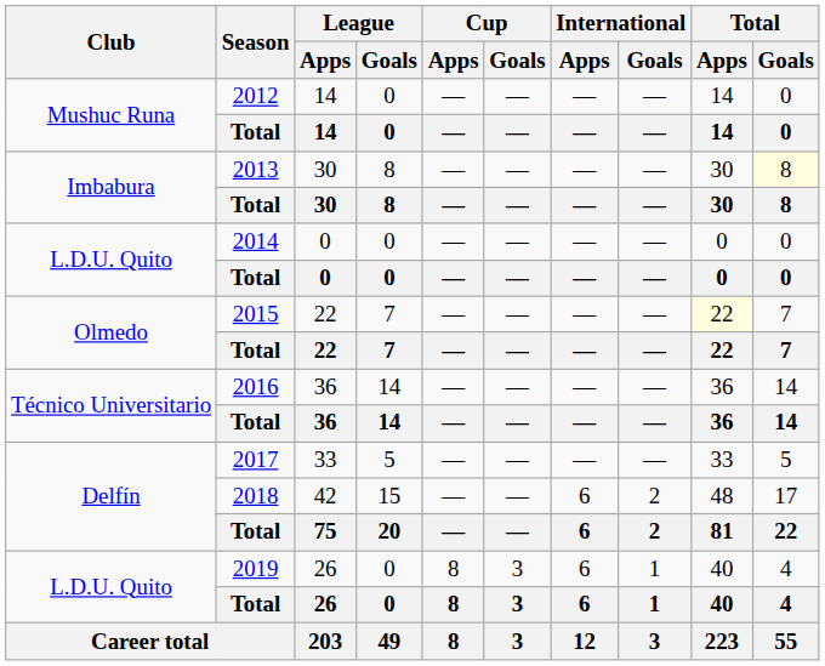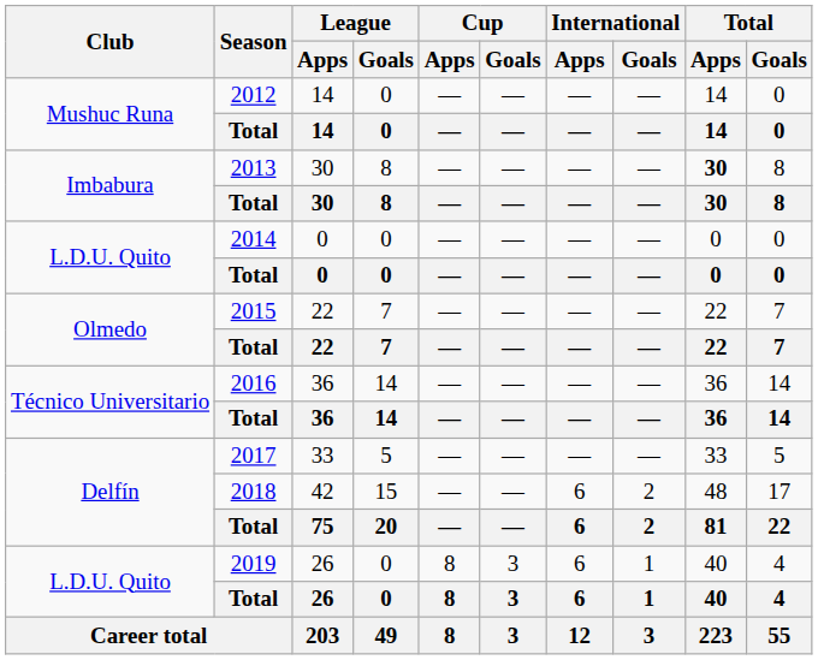 <table class="wikitable" style="text-align: center;">
 <tr>
 <th rowspan="2">Club</th>
 <th rowspan="2">Season</th>
 <th colspan="2">League</th>
 <th colspan="2">Cup</th>
 <th colspan="2">International</th>
 <th colspan="2">Total</th>
 </tr>
 <tr>
 <th>Apps</th>
 <th>Goals</th>
 <th>Apps</th>
 <th>Goals</th>
 <th>Apps</th>
 <th>Goals</th>
 <th>Apps</th>
 <th>Goals</th>
 </tr>
 <tr>
 <td rowspan="2"><a href='#'>Mushuc Runa</a></td>
 <td><a href='#'>2012</a></td>
 <td>14</td>
 <td>0</td>
 <td>—</td>
 <td>—</td>
 <td>—</td>
 <td>—</td>
 <td>14</td>
 <td>0</td>
 </tr>
 <tr>
 <th>Total</th>
 <th>14</th>
 <th>0</th>
 <th>—</th>
 <th>—</th>
 <th>—</th>
 <th>—</th>
 <th>14</th>
 <th>0</th>
 </tr>
 <tr>
 <td rowspan="2"><a href='#'>Imbabura</a></td>
 <td><a href='#'>2013</a></td>
 <td>30</td>
 <td>8</td>
 <td>—</td>
 <td>—</td>
 <td>—</td>
 <td>—</td>
-<td>30</td>
-<td style="background: lightyellow;">8</td>
+<td><strong>30</strong></td>
+<td>8</td>
 </tr>
 <tr>
 <th>Total</th>
 <th>30</th>
 <th>8</th>
 <th>—</th>
 <th>—</th>
 <th>—</th>
 <th>—</th>
 <th>30</th>
 <th>8</th>
 </tr>
 <tr>
 <td rowspan="2"><a href='#'>L.D.U. Quito</a></td>
 <td><a href='#'>2014</a></td>
 <td>0</td>
 <td>0</td>
 <td>—</td>
 <td>—</td>
 <td>—</td>
 <td>—</td>
 <td>0</td>
 <td>0</td>
 </tr>
 <tr>
 <th>Total</th>
 <th>0</th>
 <th>0</th>
 <th>—</th>
 <th>—</th>
 <th>—</th>
 <th>—</th>
 <th>0</th>
 <th>0</th>
 </tr>
 <tr>
 <td rowspan="2"><a href='#'>Olmedo</a></td>
 <td><a href='#'>2015</a></td>
 <td>22</td>
 <td>7</td>
 <td>—</td>
 <td>—</td>
 <td>—</td>
 <td>—</td>
-<td style="background: lightyellow;">22</td>
+<td>22</td>
 <td>7</td>
 </tr>
 <tr>
 <th>Total</th>
 <th>22</th>
 <th>7</th>
 <th>—</th>
 <th>—</th>
 <th>—</th>
 <th>—</th>
 <th>22</th>
 <th>7</th>
 </tr>
 <tr>
 <td rowspan="2"><a href='#'>Técnico Universitario</a></td>
 <td><a href='#'>2016</a></td>
 <td>36</td>
 <td>14</td>
 <td>—</td>
 <td>—</td>
 <td>—</td>
 <td>—</td>
 <td>36</td>
 <td>14</td>
 </tr>
 <tr>
 <th>Total</th>
 <th>36</th>
 <th>14</th>
 <th>—</th>
 <th>—</th>
 <th>—</th>
 <th>—</th>
 <th>36</th>
 <th>14</th>
 </tr>
 <tr>
 <td rowspan="3"><a href='#'>Delfín</a></td>
 <td><a href='#'>2017</a></td>
 <td>33</td>
 <td>5</td>
 <td>—</td>
 <td>—</td>
 <td>—</td>
 <td>—</td>
 <td>33</td>
 <td>5</td>
 </tr>
 <tr>
 <td><a href='#'>2018</a></td>
 <td>42</td>
 <td>15</td>
 <td>—</td>
 <td>—</td>
 <td>6</td>
 <td>2</td>
 <td>48</td>
 <td>17</td>
 </tr>
 <tr>
 <th>Total</th>
 <th>75</th>
 <th>20</th>
 <th>—</th>
 <th>—</th>
 <th>6</th>
 <th>2</th>
 <th>81</th>
 <th>22</th>
 </tr>
 <tr>
 <td rowspan="2"><a href='#'>L.D.U. Quito</a></td>
 <td><a href='#'>2019</a></td>
 <td>26</td>
 <td>0</td>
 <td>8</td>
 <td>3</td>
 <td>6</td>
 <td>1</td>
 <td>40</td>
 <td>4</td>
 </tr>
 <tr>
 <th>Total</th>
 <th>26</th>
 <th>0</th>
 <th>8</th>
 <th>3</th>
 <th>6</th>
 <th>1</th>
 <th>40</th>
 <th>4</th>
 </tr>
 <tr>
 <th colspan="2">Career total</th>
 <th>203</th>
 <th>49</th>
 <th>8</th>
 <th>3</th>
 <th>12</th>
 <th>3</th>
 <th>223</th>
 <th>55</th>
 </tr>
 </table>
